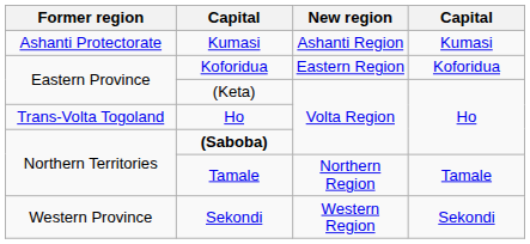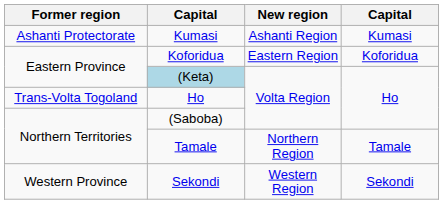 <table class="wikitable" style="font-size:90%; text-align:center;">
 <tr>
 <th width=150>Former region</th>
 <th width=100>Capital</th>
 <th width=100>New region</th>
 <th width=100>Capital</th>
 </tr>
 <tr>
 <td><a href='#'>Ashanti Protectorate</a></td>
 <td><a href='#'>Kumasi</a></td>
 <td><a href='#'>Ashanti Region</a></td>
 <td><a href='#'>Kumasi</a></td>
 </tr>
 <tr>
 <td rowspan=2>Eastern Province</td>
 <td><a href='#'>Koforidua</a></td>
 <td><a href='#'>Eastern Region</a></td>
 <td><a href='#'>Koforidua</a></td>
 </tr>
 <tr>
-<td>(Keta)</td>
+<td style="background: lightblue;">(Keta)</td>
 <td rowspan=3><a href='#'>Volta Region</a></td>
 <td rowspan=3><a href='#'>Ho</a></td>
 </tr>
 <tr>
 <td><a href='#'>Trans-Volta Togoland</a></td>
 <td><a href='#'>Ho</a></td>
 </tr>
 <tr>
 <td rowspan=2>Northern Territories</td>
-<td><strong>(Saboba)</strong></td>
+<td>(Saboba)</td>
 </tr>
 <tr>
 <td><a href='#'>Tamale</a></td>
 <td><a href='#'>Northern Region</a></td>
 <td><a href='#'>Tamale</a></td>
 </tr>
 <tr>
 <td>Western Province</td>
 <td><a href='#'>Sekondi</a></td>
 <td><a href='#'>Western Region</a></td>
 <td><a href='#'>Sekondi</a></td>
 </tr>
 </table>
